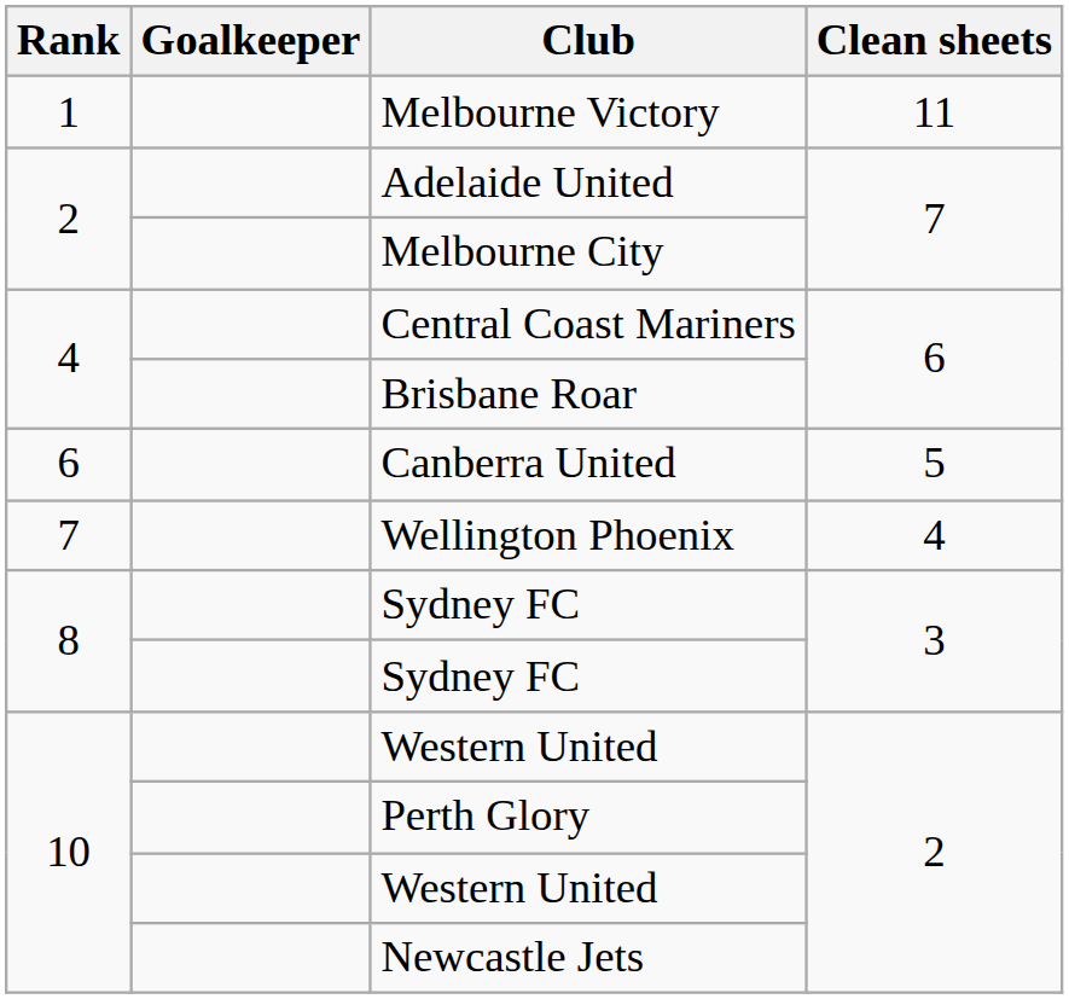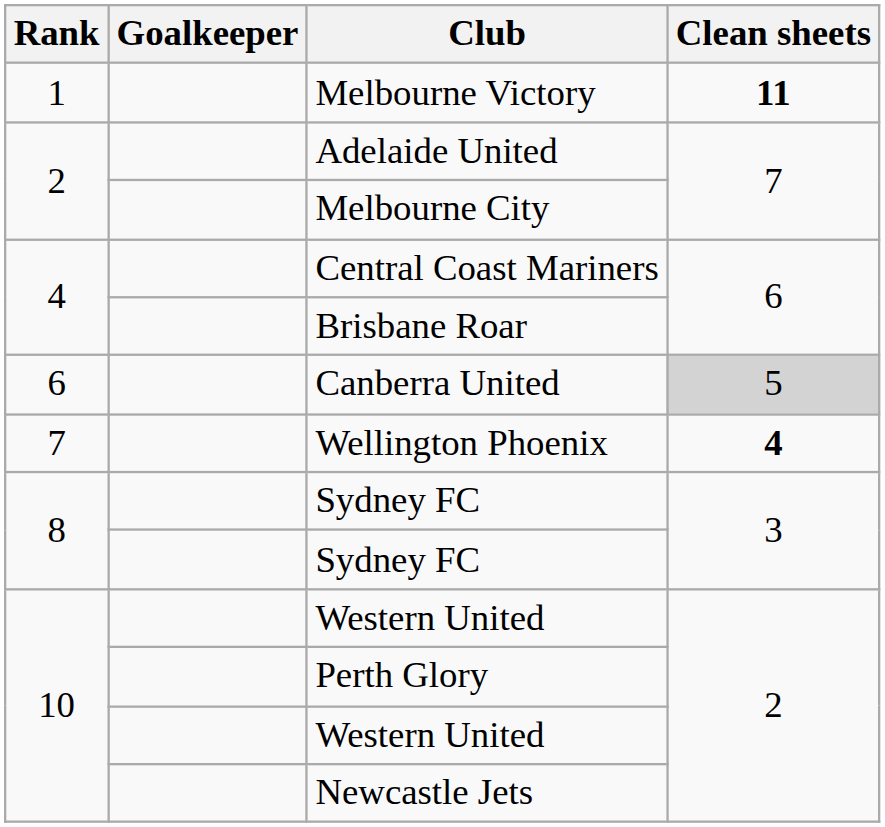 <table class="wikitable sortable" style="text-align:center;">
 <tr>
 <th>Rank</th>
 <th>Goalkeeper</th>
 <th>Club</th>
 <th>Clean sheets</th>
 </tr>
 <tr>
 <td>1</td>
 <td align=left></td>
 <td align=left>Melbourne Victory</td>
-<td>11</td>
+<td><strong>11</strong></td>
 </tr>
 <tr>
 <td rowspan=2>2</td>
 <td align=left></td>
 <td align=left>Adelaide United</td>
 <td rowspan=2>7</td>
 </tr>
 <tr>
 <td align=left></td>
 <td align=left>Melbourne City</td>
 </tr>
 <tr>
 <td rowspan=2>4</td>
 <td align=left></td>
 <td align=left>Central Coast Mariners</td>
 <td rowspan=2>6</td>
 </tr>
 <tr>
 <td align=left></td>
 <td align=left>Brisbane Roar</td>
 </tr>
 <tr>
 <td>6</td>
 <td align=left></td>
 <td align=left>Canberra United</td>
-<td>5</td>
+<td style="background: lightgrey;">5</td>
 </tr>
 <tr>
 <td>7</td>
 <td align=left></td>
 <td align=left>Wellington Phoenix</td>
-<td>4</td>
+<td><strong>4</strong></td>
 </tr>
 <tr>
 <td rowspan=2>8</td>
 <td align=left></td>
 <td align=left>Sydney FC</td>
 <td rowspan=2>3</td>
 </tr>
 <tr>
 <td align=left></td>
 <td align=left>Sydney FC</td>
 </tr>
 <tr>
 <td rowspan=4>10</td>
 <td align=left></td>
 <td align=left>Western United</td>
 <td rowspan=4>2</td>
 </tr>
 <tr>
 <td align=left></td>
 <td align=left>Perth Glory</td>
 </tr>
 <tr>
 <td align=left></td>
 <td align=left>Western United</td>
 </tr>
 <tr>
 <td align=left></td>
 <td align=left>Newcastle Jets</td>
 </tr>
 </table>
